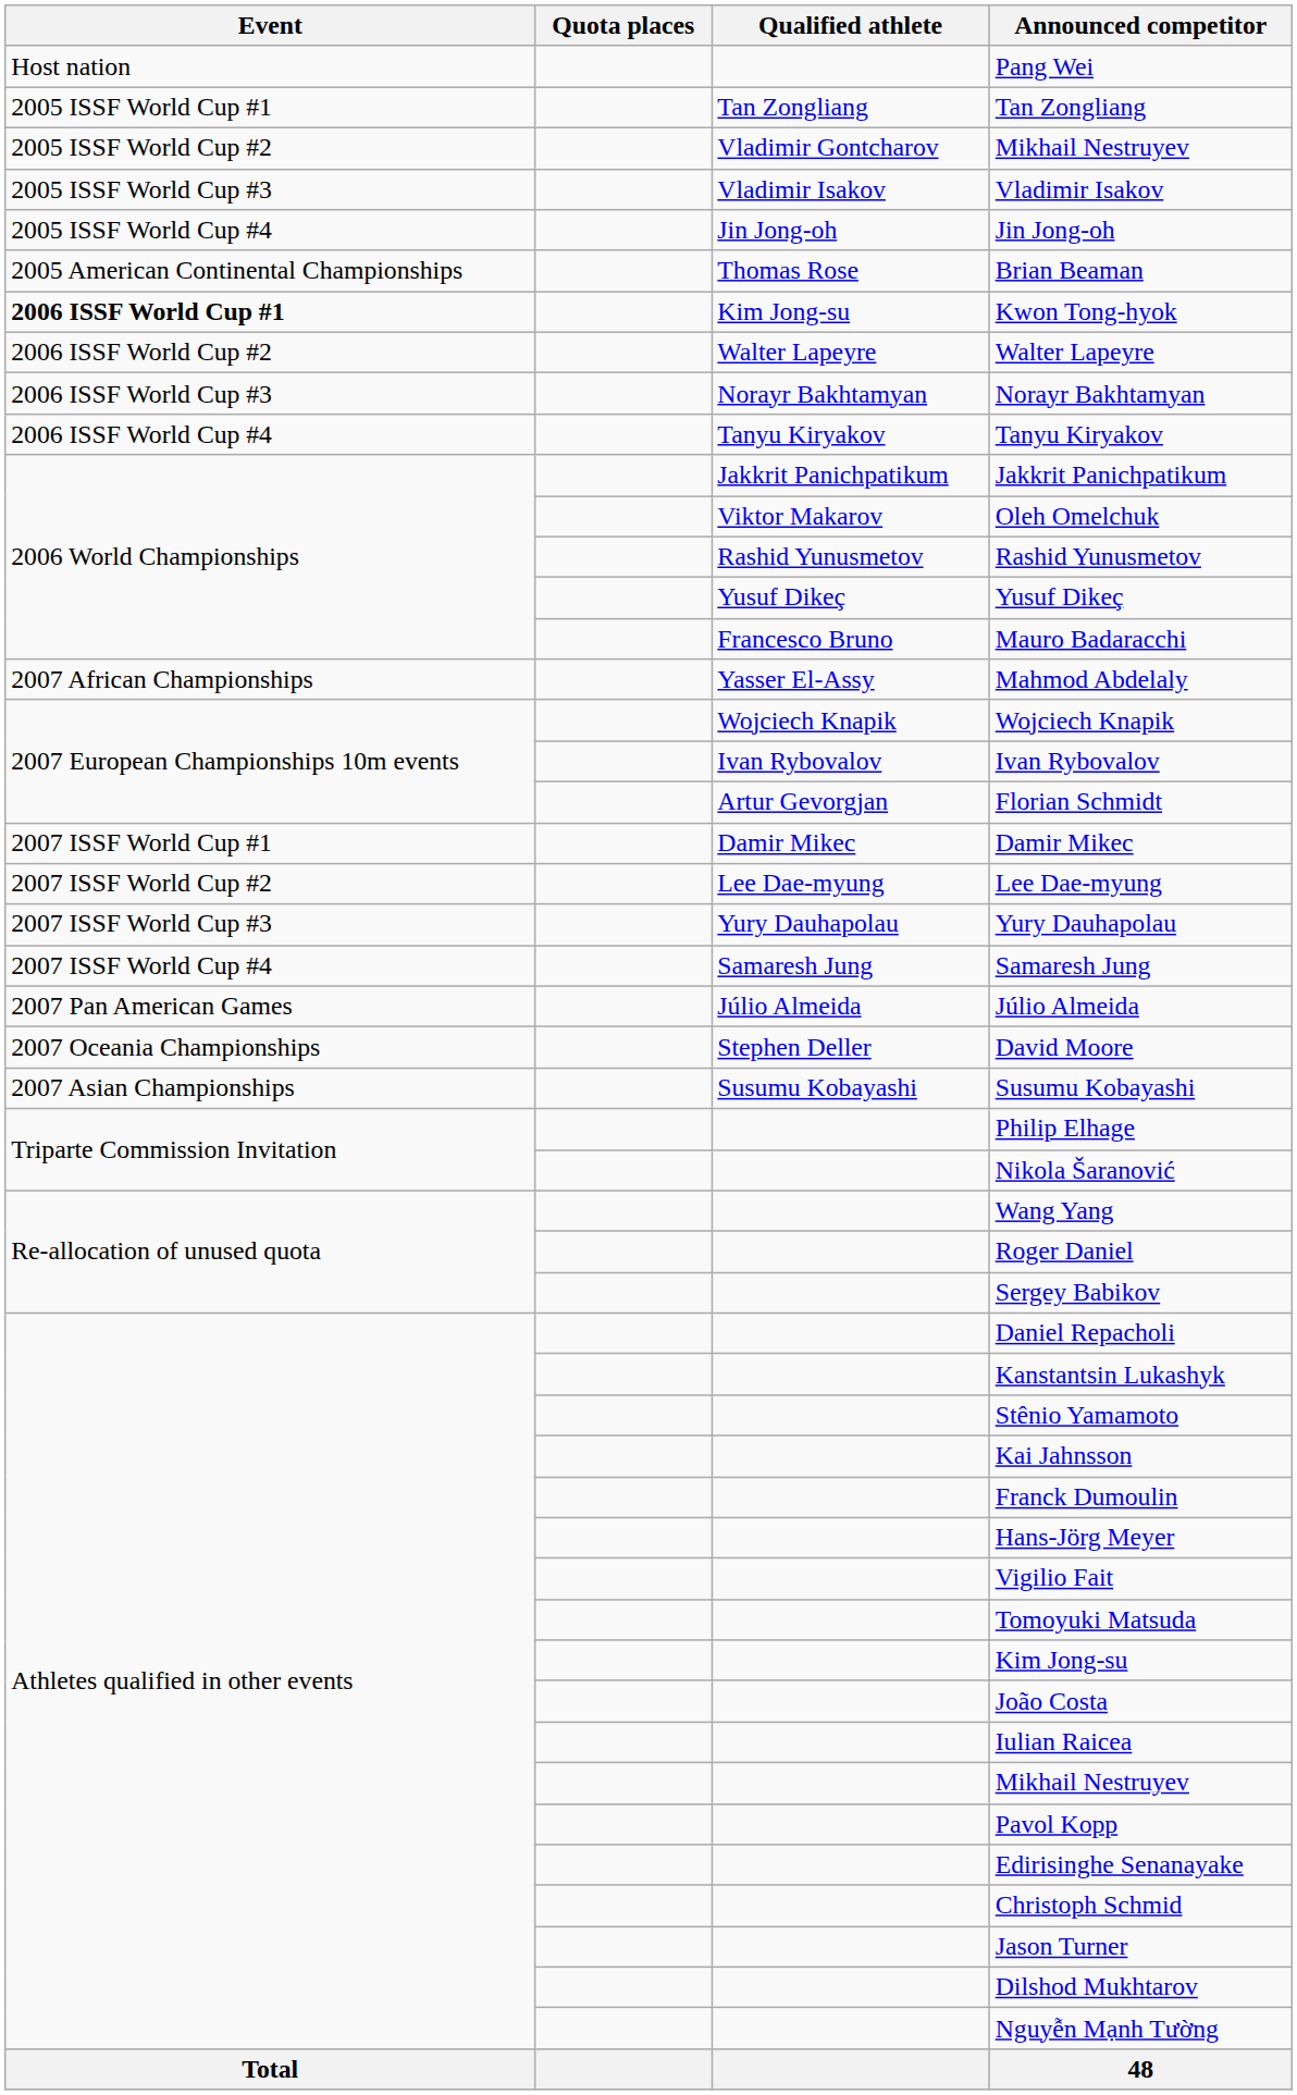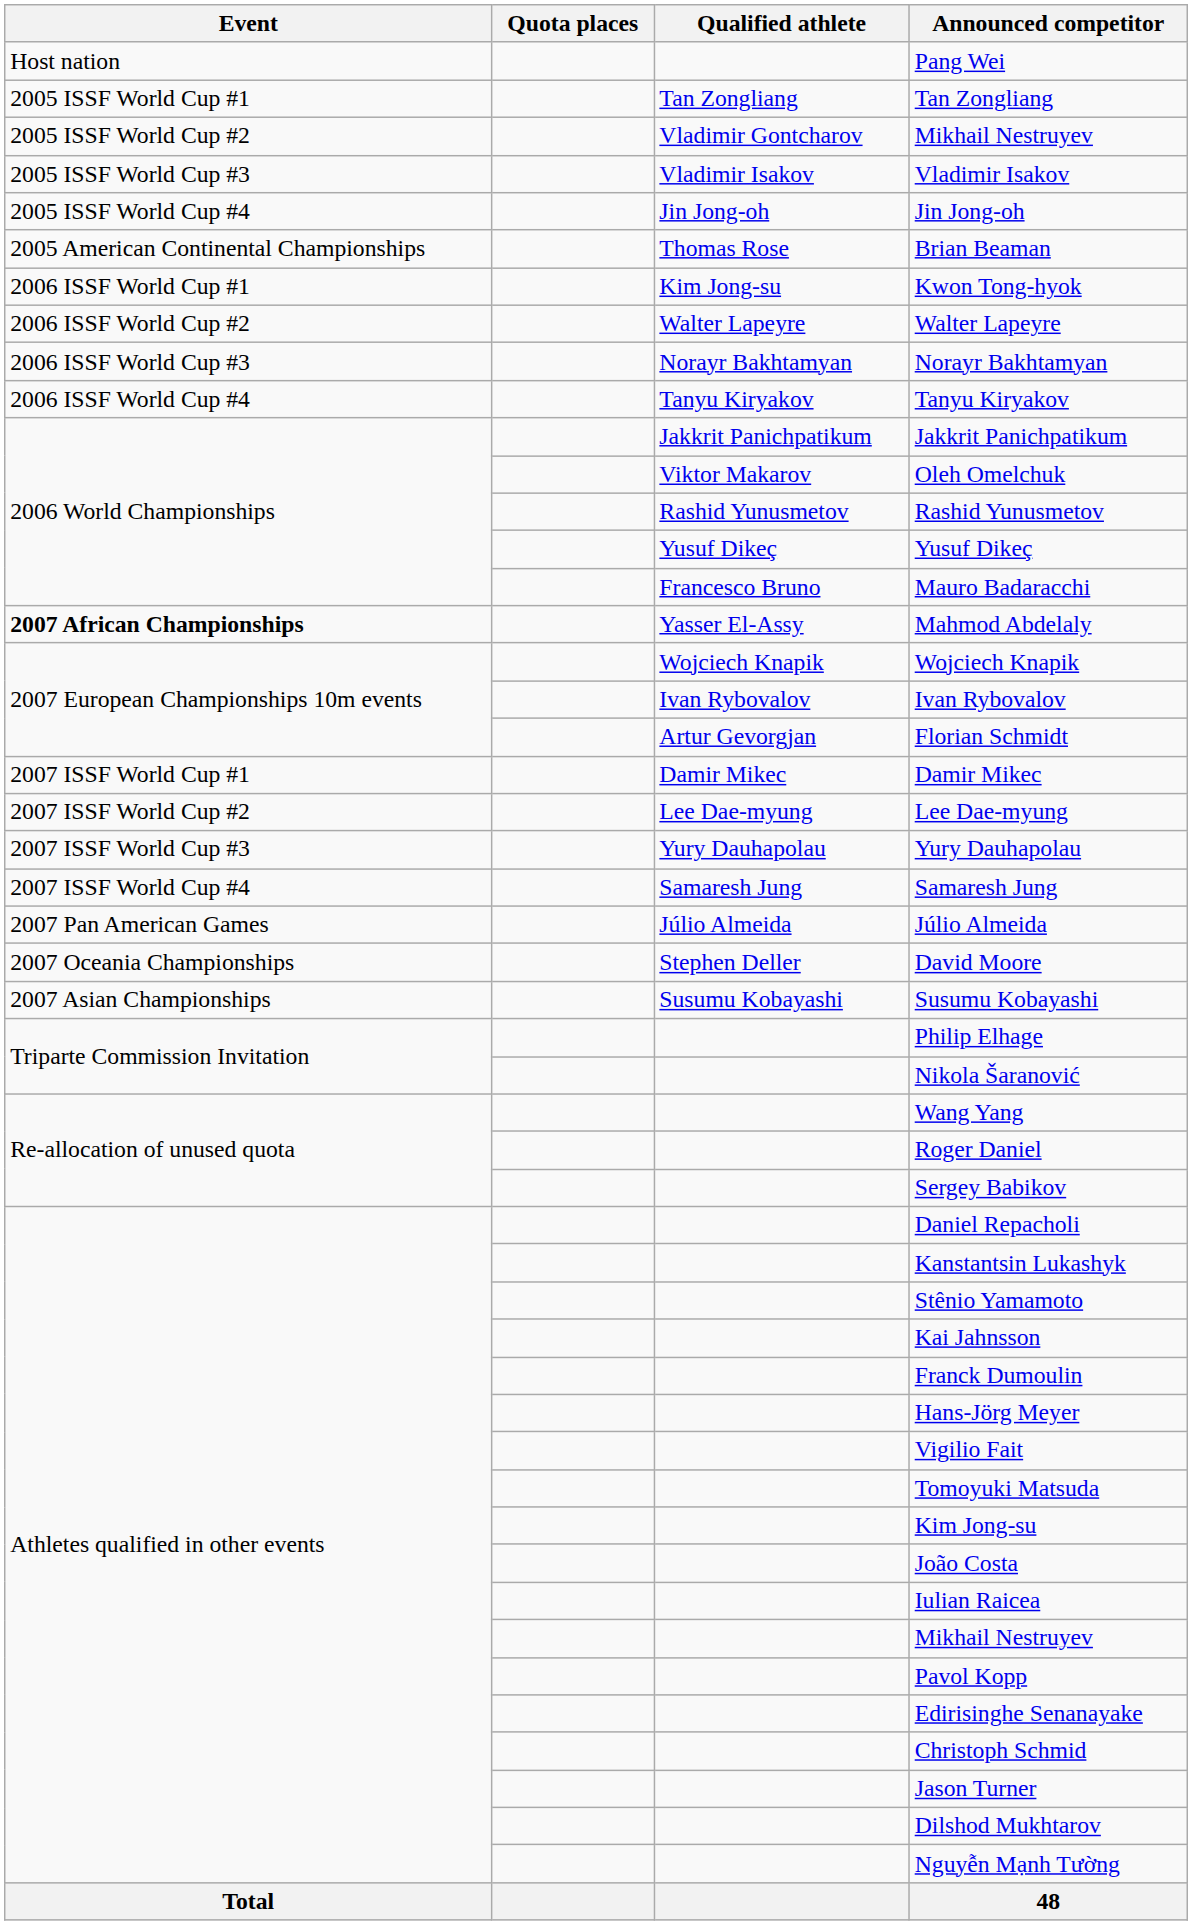 <table class=wikitable style="text-align:left" width=800>
 <tr>
 <th>Event</th>
 <th>Quota places</th>
 <th>Qualified athlete</th>
 <th>Announced competitor</th>
 </tr>
 <tr>
 <td>Host nation</td>
 <td></td>
 <td></td>
 <td><a href='#'>Pang Wei</a></td>
 </tr>
 <tr>
 <td>2005 ISSF World Cup #1</td>
 <td></td>
 <td><a href='#'>Tan Zongliang</a></td>
 <td><a href='#'>Tan Zongliang</a></td>
 </tr>
 <tr>
 <td>2005 ISSF World Cup #2</td>
 <td></td>
 <td><a href='#'>Vladimir Gontcharov</a></td>
 <td><a href='#'>Mikhail Nestruyev</a></td>
 </tr>
 <tr>
 <td>2005 ISSF World Cup #3</td>
 <td></td>
 <td><a href='#'>Vladimir Isakov</a></td>
 <td><a href='#'>Vladimir Isakov</a></td>
 </tr>
 <tr>
 <td>2005 ISSF World Cup #4</td>
 <td></td>
 <td><a href='#'>Jin Jong-oh</a></td>
 <td><a href='#'>Jin Jong-oh</a></td>
 </tr>
 <tr>
 <td>2005 American Continental Championships</td>
 <td></td>
 <td><a href='#'>Thomas Rose</a></td>
 <td><a href='#'>Brian Beaman</a></td>
 </tr>
 <tr>
-<td><strong>2006 ISSF World Cup #1</strong></td>
+<td>2006 ISSF World Cup #1</td>
 <td></td>
 <td><a href='#'>Kim Jong-su</a></td>
 <td><a href='#'>Kwon Tong-hyok</a></td>
 </tr>
 <tr>
 <td>2006 ISSF World Cup #2</td>
 <td></td>
 <td><a href='#'>Walter Lapeyre</a></td>
 <td><a href='#'>Walter Lapeyre</a></td>
 </tr>
 <tr>
 <td>2006 ISSF World Cup #3</td>
 <td></td>
 <td><a href='#'>Norayr Bakhtamyan</a></td>
 <td><a href='#'>Norayr Bakhtamyan</a></td>
 </tr>
 <tr>
 <td>2006 ISSF World Cup #4</td>
 <td></td>
 <td><a href='#'>Tanyu Kiryakov</a></td>
 <td><a href='#'>Tanyu Kiryakov</a></td>
 </tr>
 <tr>
 <td rowspan="5">2006 World Championships</td>
 <td></td>
 <td><a href='#'>Jakkrit Panichpatikum</a></td>
 <td><a href='#'>Jakkrit Panichpatikum</a></td>
 </tr>
 <tr>
 <td></td>
 <td><a href='#'>Viktor Makarov</a></td>
 <td><a href='#'>Oleh Omelchuk</a></td>
 </tr>
 <tr>
 <td></td>
 <td><a href='#'>Rashid Yunusmetov</a></td>
 <td><a href='#'>Rashid Yunusmetov</a></td>
 </tr>
 <tr>
 <td></td>
 <td><a href='#'>Yusuf Dikeç</a></td>
 <td><a href='#'>Yusuf Dikeç</a></td>
 </tr>
 <tr>
 <td></td>
 <td><a href='#'>Francesco Bruno</a></td>
 <td><a href='#'>Mauro Badaracchi</a></td>
 </tr>
 <tr>
-<td>2007 African Championships</td>
+<td><strong>2007 African Championships</strong></td>
 <td></td>
 <td><a href='#'>Yasser El-Assy</a></td>
 <td><a href='#'>Mahmod Abdelaly</a></td>
 </tr>
 <tr>
 <td rowspan="3">2007 European Championships 10m events</td>
 <td></td>
 <td><a href='#'>Wojciech Knapik</a></td>
 <td><a href='#'>Wojciech Knapik</a></td>
 </tr>
 <tr>
 <td></td>
 <td><a href='#'>Ivan Rybovalov</a></td>
 <td><a href='#'>Ivan Rybovalov</a></td>
 </tr>
 <tr>
 <td></td>
 <td><a href='#'>Artur Gevorgjan</a></td>
 <td><a href='#'>Florian Schmidt</a></td>
 </tr>
 <tr>
 <td>2007 ISSF World Cup #1</td>
 <td></td>
 <td><a href='#'>Damir Mikec</a></td>
 <td><a href='#'>Damir Mikec</a></td>
 </tr>
 <tr>
 <td>2007 ISSF World Cup #2</td>
 <td></td>
 <td><a href='#'>Lee Dae-myung</a></td>
 <td><a href='#'>Lee Dae-myung</a></td>
 </tr>
 <tr>
 <td>2007 ISSF World Cup #3</td>
 <td></td>
 <td><a href='#'>Yury Dauhapolau</a></td>
 <td><a href='#'>Yury Dauhapolau</a></td>
 </tr>
 <tr>
 <td>2007 ISSF World Cup #4</td>
 <td></td>
 <td><a href='#'>Samaresh Jung</a></td>
 <td><a href='#'>Samaresh Jung</a></td>
 </tr>
 <tr>
 <td>2007 Pan American Games</td>
 <td></td>
 <td><a href='#'>Júlio Almeida</a></td>
 <td><a href='#'>Júlio Almeida</a></td>
 </tr>
 <tr>
 <td>2007 Oceania Championships</td>
 <td></td>
 <td><a href='#'>Stephen Deller</a></td>
 <td><a href='#'>David Moore</a></td>
 </tr>
 <tr>
 <td>2007 Asian Championships</td>
 <td></td>
 <td><a href='#'>Susumu Kobayashi</a></td>
 <td><a href='#'>Susumu Kobayashi</a></td>
 </tr>
 <tr>
 <td rowspan=2>Triparte Commission Invitation</td>
 <td></td>
 <td></td>
 <td><a href='#'>Philip Elhage</a></td>
 </tr>
 <tr>
 <td></td>
 <td></td>
 <td><a href='#'>Nikola Šaranović</a></td>
 </tr>
 <tr>
 <td rowspan="3">Re-allocation of unused quota</td>
 <td></td>
 <td></td>
 <td><a href='#'>Wang Yang</a></td>
 </tr>
 <tr>
 <td></td>
 <td></td>
 <td><a href='#'>Roger Daniel</a></td>
 </tr>
 <tr>
 <td></td>
 <td></td>
 <td><a href='#'>Sergey Babikov</a></td>
 </tr>
 <tr>
 <td rowspan="18">Athletes qualified in other events</td>
 <td></td>
 <td></td>
 <td><a href='#'>Daniel Repacholi</a></td>
 </tr>
 <tr>
 <td></td>
 <td></td>
 <td><a href='#'>Kanstantsin Lukashyk</a></td>
 </tr>
 <tr>
 <td></td>
 <td></td>
 <td><a href='#'>Stênio Yamamoto</a></td>
 </tr>
 <tr>
 <td></td>
 <td></td>
 <td><a href='#'>Kai Jahnsson</a></td>
 </tr>
 <tr>
 <td></td>
 <td></td>
 <td><a href='#'>Franck Dumoulin</a></td>
 </tr>
 <tr>
 <td></td>
 <td></td>
 <td><a href='#'>Hans-Jörg Meyer</a></td>
 </tr>
 <tr>
 <td></td>
 <td></td>
 <td><a href='#'>Vigilio Fait</a></td>
 </tr>
 <tr>
 <td></td>
 <td></td>
 <td><a href='#'>Tomoyuki Matsuda</a></td>
 </tr>
 <tr>
 <td></td>
 <td></td>
 <td><a href='#'>Kim Jong-su</a></td>
 </tr>
 <tr>
 <td></td>
 <td></td>
 <td><a href='#'>João Costa</a></td>
 </tr>
 <tr>
 <td></td>
 <td></td>
 <td><a href='#'>Iulian Raicea</a></td>
 </tr>
 <tr>
 <td></td>
 <td></td>
 <td><a href='#'>Mikhail Nestruyev</a></td>
 </tr>
 <tr>
 <td></td>
 <td></td>
 <td><a href='#'>Pavol Kopp</a></td>
 </tr>
 <tr>
 <td></td>
 <td></td>
 <td><a href='#'>Edirisinghe Senanayake</a></td>
 </tr>
 <tr>
 <td></td>
 <td></td>
 <td><a href='#'>Christoph Schmid</a></td>
 </tr>
 <tr>
 <td></td>
 <td></td>
 <td><a href='#'>Jason Turner</a></td>
 </tr>
 <tr>
 <td></td>
 <td></td>
 <td><a href='#'>Dilshod Mukhtarov</a></td>
 </tr>
 <tr>
 <td></td>
 <td></td>
 <td><a href='#'>Nguyễn Mạnh Tường</a></td>
 </tr>
 <tr>
 <th>Total</th>
 <th></th>
 <th></th>
 <th>48</th>
 </tr>
 </table>
